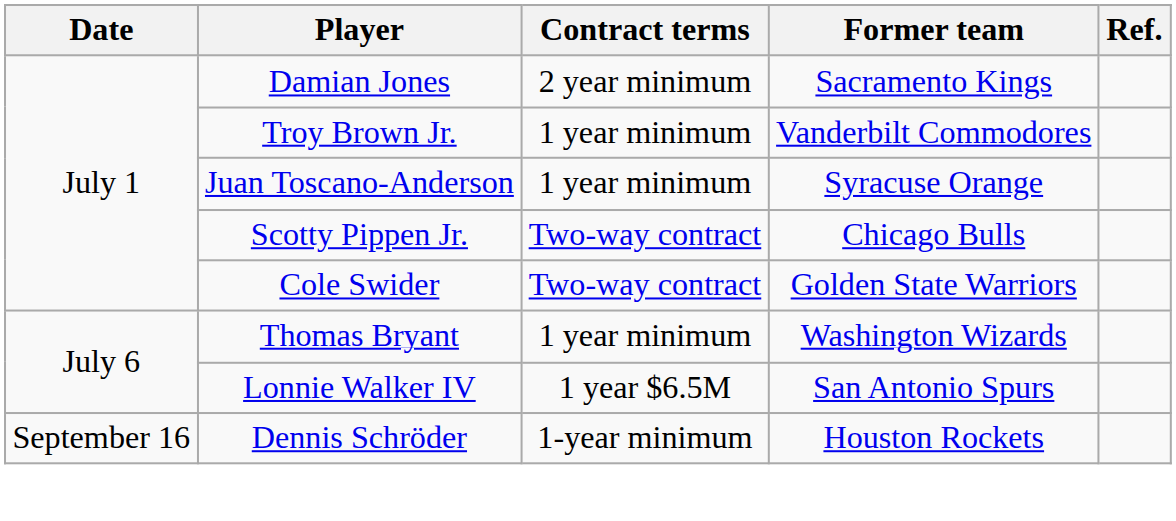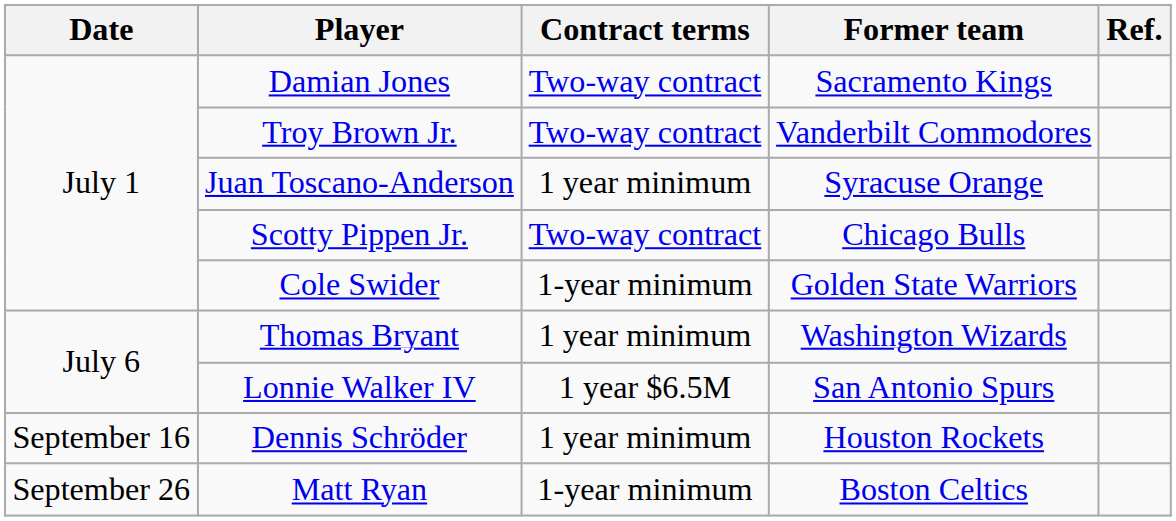 <table class="wikitable sortable sortable" style="text-align: center">
 <tr>
 <th>Date</th>
 <th>Player</th>
 <th>Contract terms</th>
 <th>Former team</th>
 <th>Ref.</th>
 </tr>
 <tr>
 <td rowspan="5">July 1</td>
 <td><a href='#'>Damian Jones</a></td>
-<td>2 year minimum</td>
+<td><a href='#'>Two-way contract</a></td>
 <td><a href='#'>Sacramento Kings</a></td>
 <td></td>
 </tr>
 <tr>
 <td><a href='#'>Troy Brown Jr.</a></td>
-<td>1 year minimum</td>
+<td><a href='#'>Two-way contract</a></td>
 <td><a href='#'>Vanderbilt Commodores</a></td>
 <td></td>
 </tr>
 <tr>
 <td><a href='#'>Juan Toscano-Anderson</a></td>
 <td>1 year minimum</td>
 <td><a href='#'>Syracuse Orange</a></td>
 <td></td>
 </tr>
 <tr>
 <td><a href='#'>Scotty Pippen Jr.</a></td>
 <td><a href='#'>Two-way contract</a></td>
 <td><a href='#'>Chicago Bulls</a></td>
 <td></td>
 </tr>
 <tr>
 <td><a href='#'>Cole Swider</a></td>
-<td><a href='#'>Two-way contract</a></td>
+<td>1-year minimum</td>
 <td><a href='#'>Golden State Warriors</a></td>
 <td></td>
 </tr>
 <tr>
 <td rowspan="2">July 6</td>
 <td><a href='#'>Thomas Bryant</a></td>
 <td>1 year minimum</td>
 <td><a href='#'>Washington Wizards</a></td>
 <td></td>
 </tr>
 <tr>
 <td><a href='#'>Lonnie Walker IV</a></td>
 <td>1 year $6.5M</td>
 <td><a href='#'>San Antonio Spurs</a></td>
 <td></td>
 </tr>
 <tr>
 <td>September 16</td>
 <td><a href='#'>Dennis Schröder</a></td>
-<td>1-year minimum</td>
+<td>1 year minimum</td>
 <td><a href='#'>Houston Rockets</a></td>
 <td></td>
 </tr>
+<tr>
+<td>September 26</td>
+<td><a href='#'>Matt Ryan</a></td>
+<td>1-year minimum</td>
+<td><a href='#'>Boston Celtics</a></td>
+<td></td>
+</tr>
 </table>
